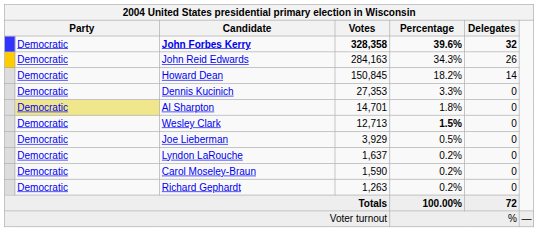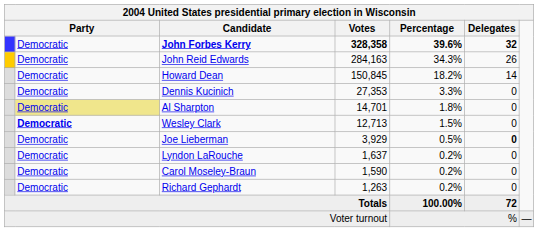 <table class="wikitable" style="font-size:95%;">
 <tr>
 <th colspan="7">2004 United States presidential primary election in Wisconsin</th>
 </tr>
 <tr>
 <th colspan="2" style="width: 15em">Party</th>
 <th style="width: 17em">Candidate</th>
 <th style="width: 5em">Votes</th>
 <th style="width: 7em">Percentage</th>
 <th style="width: 5em">Delegates</th>
 </tr>
 <tr>
 <th style="background-color:#3333FF; width: 3px"></th>
 <td style="width: 130px"><a href='#'>Democratic</a></td>
 <td><strong><a href='#'>John Forbes Kerry</a></strong></td>
 <td align="right"><strong>328,358</strong></td>
 <td align="right"><strong>39.6%</strong></td>
 <td align="right"><strong>32</strong></td>
 </tr>
 <tr>
 <th style="background-color:#FFCC00; width: 3px"></th>
 <td style="width: 130px"><a href='#'>Democratic</a></td>
 <td><a href='#'>John Reid Edwards</a></td>
 <td align="right">284,163</td>
 <td align="right">34.3%</td>
 <td align="right">26</td>
 </tr>
 <tr>
 <th style="background-color:#DDDDDD; width: 3px"></th>
 <td style="width: 130px"><a href='#'>Democratic</a></td>
 <td><a href='#'>Howard Dean</a></td>
 <td align="right">150,845</td>
 <td align="right">18.2%</td>
 <td align="right">14</td>
 </tr>
 <tr>
 <th style="background-color:#DDDDDD; width: 3px"></th>
 <td style="width: 130px"><a href='#'>Democratic</a></td>
 <td><a href='#'>Dennis Kucinich</a></td>
 <td align="right">27,353</td>
 <td align="right">3.3%</td>
 <td align="right">0</td>
 </tr>
 <tr>
 <th style="background-color:#DDDDDD; width: 3px"></th>
 <td style="background: khaki; width: 130px"><a href='#'>Democratic</a></td>
 <td><a href='#'>Al Sharpton</a></td>
 <td align="right">14,701</td>
 <td align="right">1.8%</td>
 <td align="right">0</td>
 </tr>
 <tr>
 <th style="background-color:#DDDDDD; width: 3px"></th>
-<td style="width: 130px"><a href='#'>Democratic</a></td>
+<td style="width: 130px"><strong><a href='#'>Democratic</a></strong></td>
 <td><a href='#'>Wesley Clark</a></td>
 <td align="right">12,713</td>
-<td align="right"><strong>1.5%</strong></td>
+<td align="right">1.5%</td>
 <td align="right">0</td>
 </tr>
 <tr>
 <th style="background-color:#DDDDDD; width: 3px"></th>
 <td style="width: 130px"><a href='#'>Democratic</a></td>
 <td><a href='#'>Joe Lieberman</a></td>
 <td align="right">3,929</td>
 <td align="right">0.5%</td>
-<td align="right">0</td>
+<td align="right"><strong>0</strong></td>
 </tr>
 <tr>
 <th style="background-color:#DDDDDD; width: 3px"></th>
 <td style="width: 130px"><a href='#'>Democratic</a></td>
 <td><a href='#'>Lyndon LaRouche</a></td>
 <td align="right">1,637</td>
 <td align="right">0.2%</td>
 <td align="right">0</td>
 </tr>
 <tr>
 <th style="background-color:#DDDDDD; width: 3px"></th>
 <td style="width: 130px"><a href='#'>Democratic</a></td>
 <td><a href='#'>Carol Moseley-Braun</a></td>
 <td align="right">1,590</td>
 <td align="right">0.2%</td>
 <td align="right">0</td>
 </tr>
 <tr>
 <th style="background-color:#DDDDDD; width: 3px"></th>
 <td style="width: 130px"><a href='#'>Democratic</a></td>
 <td><a href='#'>Richard Gephardt</a></td>
 <td align="right">1,263</td>
 <td align="right">0.2%</td>
 <td align="right">0</td>
 </tr>
 <tr bgcolor="#EEEEEE">
 <td colspan="4" align="right"><strong>Totals</strong></td>
 <td align="right"><strong>100.00%</strong></td>
 <td align="right"><strong>72</strong></td>
 </tr>
 <tr bgcolor="#EEEEEE">
 <td colspan="4" align="right">Voter turnout</td>
 <td colspan="2" align="right">%</td>
 <td align="right">—</td>
 </tr>
 </table>
